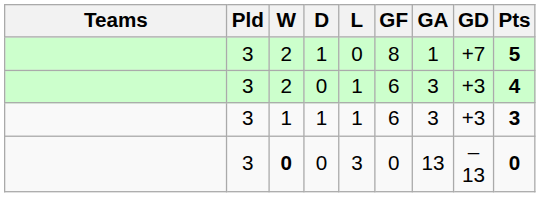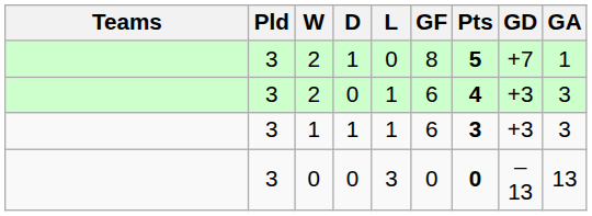 <table class="wikitable" style="text-align: center;">
 <tr>
 <th width=165>Teams</th>
 <th width=20>Pld</th>
 <th width=20>W</th>
 <th width=20>D</th>
 <th width=20>L</th>
 <th width=20>GF</th>
+<th width=20>Pts</th>
+<th width=20>GD</th>
 <th width=20>GA</th>
-<th width=20>GD</th>
-<th width=20>Pts</th>
 </tr>
 <tr align=center style="background:#ccffcc;">
 <td style="text-align:left;"></td>
 <td>3</td>
 <td>2</td>
 <td>1</td>
 <td>0</td>
 <td>8</td>
+<td><strong>5</strong></td>
+<td>+7</td>
 <td>1</td>
-<td>+7</td>
-<td><strong>5</strong></td>
 </tr>
 <tr align=center style="background:#ccffcc;">
 <td style="text-align:left;"></td>
 <td>3</td>
 <td>2</td>
 <td>0</td>
 <td>1</td>
 <td>6</td>
+<td><strong>4</strong></td>
+<td>+3</td>
 <td>3</td>
-<td>+3</td>
-<td><strong>4</strong></td>
 </tr>
 <tr align=center>
 <td style="text-align:left;"></td>
 <td>3</td>
 <td>1</td>
 <td>1</td>
 <td>1</td>
 <td>6</td>
+<td><strong>3</strong></td>
+<td>+3</td>
 <td>3</td>
-<td>+3</td>
-<td><strong>3</strong></td>
 </tr>
 <tr align=center>
 <td style="text-align:left;"></td>
 <td>3</td>
-<td><strong>0</strong></td>
+<td>0</td>
 <td>0</td>
 <td>3</td>
 <td>0</td>
+<td><strong>0</strong></td>
+<td>–13</td>
 <td>13</td>
-<td>–13</td>
-<td><strong>0</strong></td>
 </tr>
 </table>
